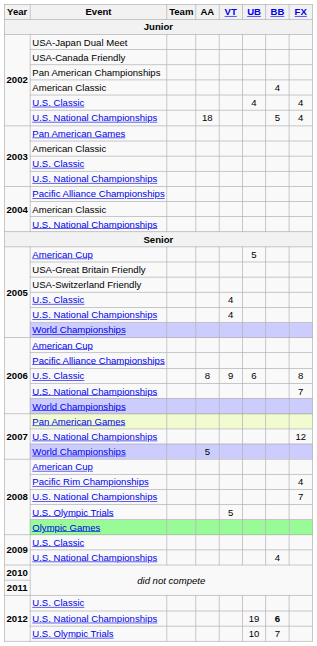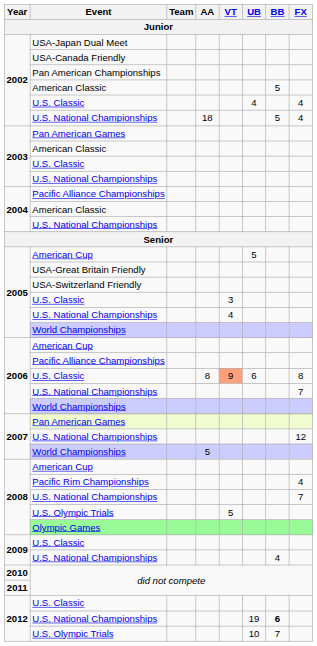 <table class="wikitable" style="text-align:center; font-size:95%;">
 <tr>
 <th align=center>Year</th>
 <th align=center>Event</th>
 <th style="width:30px;">Team</th>
 <th style="width:30px;">AA</th>
 <th style="width:30px;"><a href='#'>VT</a></th>
 <th style="width:30px;"><a href='#'>UB</a></th>
 <th style="width:30px;"><a href='#'>BB</a></th>
 <th style="width:30px;"><a href='#'>FX</a></th>
 </tr>
 <tr>
 <th colspan="8">Junior</th>
 </tr>
 <tr>
 <td rowspan="6"><strong>2002</strong></td>
 <td align=left>USA-Japan Dual Meet</td>
 <td></td>
 <td></td>
 <td></td>
 <td></td>
 <td></td>
 <td></td>
 </tr>
 <tr>
 <td align=left>USA-Canada Friendly</td>
 <td></td>
 <td></td>
 <td></td>
 <td></td>
 <td></td>
 <td></td>
 </tr>
 <tr>
 <td align=left>Pan American Championships</td>
 <td></td>
 <td></td>
 <td></td>
 <td></td>
 <td></td>
 <td></td>
 </tr>
 <tr>
 <td align=left>American Classic</td>
 <td></td>
 <td></td>
 <td></td>
 <td></td>
-<td>4</td>
+<td>5</td>
 <td></td>
 </tr>
 <tr>
 <td align=left><a href='#'>U.S. Classic</a></td>
 <td></td>
 <td></td>
 <td></td>
 <td>4</td>
 <td></td>
 <td>4</td>
 </tr>
 <tr>
 <td align=left><a href='#'>U.S. National Championships</a></td>
 <td></td>
 <td>18</td>
 <td></td>
 <td></td>
 <td>5</td>
 <td>4</td>
 </tr>
 <tr>
 <td rowspan="4"><strong>2003</strong></td>
 <td align=left><a href='#'>Pan American Games</a></td>
 <td></td>
 <td></td>
 <td></td>
 <td></td>
 <td></td>
 <td></td>
 </tr>
 <tr>
 <td align=left>American Classic</td>
 <td></td>
 <td></td>
 <td></td>
 <td></td>
 <td></td>
 <td></td>
 </tr>
 <tr>
 <td align=left><a href='#'>U.S. Classic</a></td>
 <td></td>
 <td></td>
 <td></td>
 <td></td>
 <td></td>
 <td></td>
 </tr>
 <tr>
 <td align=left><a href='#'>U.S. National Championships</a></td>
 <td></td>
 <td></td>
 <td></td>
 <td></td>
 <td></td>
 <td></td>
 </tr>
 <tr>
 <td rowspan="3"><strong>2004</strong></td>
 <td align=left><a href='#'>Pacific Alliance Championships</a></td>
 <td></td>
 <td></td>
 <td></td>
 <td></td>
 <td></td>
 <td></td>
 </tr>
 <tr>
 <td align=left>American Classic</td>
 <td></td>
 <td></td>
 <td></td>
 <td></td>
 <td></td>
 <td></td>
 </tr>
 <tr>
 <td align=left><a href='#'>U.S. National Championships</a></td>
 <td></td>
 <td></td>
 <td></td>
 <td></td>
 <td></td>
 <td></td>
 </tr>
 <tr>
 <th colspan="8">Senior</th>
 </tr>
 <tr>
 <td rowspan="6"><strong>2005</strong></td>
 <td align=left><a href='#'>American Cup</a></td>
 <td></td>
 <td></td>
 <td></td>
 <td>5</td>
 <td></td>
 <td></td>
 </tr>
 <tr>
 <td align=left>USA-Great Britain Friendly</td>
 <td></td>
 <td></td>
 <td></td>
 <td></td>
 <td></td>
 <td></td>
 </tr>
 <tr>
 <td align=left>USA-Switzerland Friendly</td>
 <td></td>
 <td></td>
 <td></td>
 <td></td>
 <td></td>
 <td></td>
 </tr>
 <tr>
 <td align=left><a href='#'>U.S. Classic</a></td>
 <td></td>
 <td></td>
-<td>4</td>
+<td>3</td>
 <td></td>
 <td></td>
 <td></td>
 </tr>
 <tr>
 <td align=left><a href='#'>U.S. National Championships</a></td>
 <td></td>
 <td></td>
 <td>4</td>
 <td></td>
 <td></td>
 <td></td>
 </tr>
 <tr style="background:#ccf;">
 <td align=left><a href='#'>World Championships</a></td>
 <td></td>
 <td></td>
 <td></td>
 <td></td>
 <td></td>
 <td></td>
 </tr>
 <tr>
 <td rowspan="5"><strong>2006</strong></td>
 <td align=left><a href='#'>American Cup</a></td>
 <td></td>
 <td></td>
 <td></td>
 <td></td>
 <td></td>
 <td></td>
 </tr>
 <tr>
 <td align=left><a href='#'>Pacific Alliance Championships</a></td>
 <td></td>
 <td></td>
 <td></td>
 <td></td>
 <td></td>
 <td></td>
 </tr>
 <tr>
 <td align=left><a href='#'>U.S. Classic</a></td>
 <td></td>
 <td>8</td>
-<td>9</td>
+<td style="background: lightsalmon;">9</td>
 <td>6</td>
 <td></td>
 <td>8</td>
 </tr>
 <tr>
 <td align=left><a href='#'>U.S. National Championships</a></td>
 <td></td>
 <td></td>
 <td></td>
 <td></td>
 <td></td>
 <td>7</td>
 </tr>
 <tr style="background:#ccf;">
 <td align=left><a href='#'>World Championships</a></td>
 <td></td>
 <td></td>
 <td></td>
 <td></td>
 <td></td>
 <td></td>
 </tr>
 <tr>
 <td rowspan="4"><strong>2007</strong></td>
 </tr>
 <tr bgcolor=#f0fccf>
 <td align=left><a href='#'>Pan American Games</a></td>
 <td></td>
 <td></td>
 <td></td>
 <td></td>
 <td></td>
 <td></td>
 </tr>
 <tr>
 <td align=left><a href='#'>U.S. National Championships</a></td>
 <td></td>
 <td></td>
 <td></td>
 <td></td>
 <td></td>
 <td>12</td>
 </tr>
 <tr style="background:#ccf;">
 <td align=left><a href='#'>World Championships</a></td>
 <td></td>
 <td>5</td>
 <td></td>
 <td></td>
 <td></td>
 <td></td>
 </tr>
 <tr>
 <td rowspan="5"><strong>2008</strong></td>
 <td align=left><a href='#'>American Cup</a></td>
 <td></td>
 <td></td>
 <td></td>
 <td></td>
 <td></td>
 <td></td>
 </tr>
 <tr>
 <td align=left><a href='#'>Pacific Rim Championships</a></td>
 <td></td>
 <td></td>
 <td></td>
 <td></td>
 <td></td>
 <td>4</td>
 </tr>
 <tr>
 <td align=left><a href='#'>U.S. National Championships</a></td>
 <td></td>
 <td></td>
 <td></td>
 <td></td>
 <td></td>
 <td>7</td>
 </tr>
 <tr>
 <td align=left><a href='#'>U.S. Olympic Trials</a></td>
 <td></td>
 <td></td>
 <td>5</td>
 <td></td>
 <td></td>
 <td></td>
 </tr>
 <tr bgcolor=98FB98>
 <td align=left><a href='#'>Olympic Games</a></td>
 <td></td>
 <td></td>
 <td></td>
 <td></td>
 <td></td>
 <td></td>
 </tr>
 <tr>
 <td rowspan="2"><strong>2009</strong></td>
 <td align=left><a href='#'>U.S. Classic</a></td>
 <td></td>
 <td></td>
 <td></td>
 <td></td>
 <td></td>
 <td></td>
 </tr>
 <tr>
 <td align=left><a href='#'>U.S. National Championships</a></td>
 <td></td>
 <td></td>
 <td></td>
 <td></td>
 <td>4</td>
 <td></td>
 </tr>
 <tr>
 <td rowspan="1"><strong>2010</strong></td>
 <td rowspan=2 colspan=7><em>did not compete</em></td>
 </tr>
 <tr>
 <td rowspan="1"><strong>2011</strong></td>
 </tr>
 <tr>
 <td rowspan="3"><strong>2012</strong></td>
 <td align=left><a href='#'>U.S. Classic</a></td>
 <td></td>
 <td></td>
 <td></td>
 <td></td>
 <td></td>
 <td></td>
 </tr>
 <tr>
 <td align=left><a href='#'>U.S. National Championships</a></td>
 <td></td>
 <td></td>
 <td></td>
 <td>19</td>
 <td><strong>6</strong></td>
 <td></td>
 </tr>
 <tr>
 <td align=left><a href='#'>U.S. Olympic Trials</a></td>
 <td></td>
 <td></td>
 <td></td>
 <td>10</td>
 <td>7</td>
 <td></td>
 </tr>
 </table>
